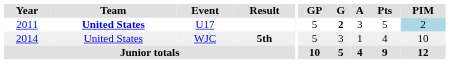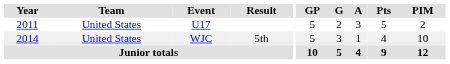 <table border="0" cellpadding="1" cellspacing="0" ID="Table3" style="text-align:center; width:40em">
 <tr ALIGN="center" bgcolor="#e0e0e0">
 <th>Year</th>
 <th>Team</th>
 <th>Event</th>
 <th>Result</th>
 <th rowspan="99" bgcolor="#ffffff"></th>
 <th>GP</th>
 <th>G</th>
 <th>A</th>
 <th>Pts</th>
 <th>PIM</th>
 </tr>
 <tr>
 <td><a href='#'>2011</a></td>
-<td><strong><a href='#'>United States</a></strong></td>
+<td><a href='#'>United States</a></td>
 <td><a href='#'>U17</a></td>
 <td></td>
 <td>5</td>
-<td><strong>2</strong></td>
+<td>2</td>
 <td>3</td>
 <td>5</td>
-<td style="background: lightblue;">2</td>
+<td>2</td>
 </tr>
 <tr bgcolor="#f0f0f0">
 <td><a href='#'>2014</a></td>
 <td><a href='#'>United States</a></td>
 <td><a href='#'>WJC</a></td>
-<td><strong>5th</strong></td>
+<td>5th</td>
 <td>5</td>
 <td>3</td>
 <td>1</td>
 <td>4</td>
 <td>10</td>
 </tr>
 <tr bgcolor="#e0e0e0">
 <th colspan=4>Junior totals</th>
 <th>10</th>
 <th>5</th>
 <th>4</th>
 <th>9</th>
 <th>12</th>
 </tr>
 </table>
